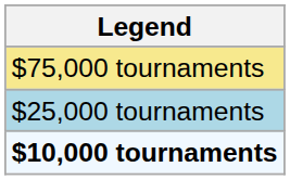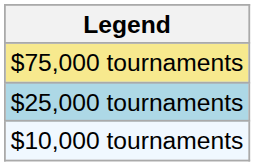 <table class=wikitable style="font-size:85%">
 <tr>
 <th>Legend</th>
 </tr>
 <tr style="background:#f7e98e;">
 <td>$75,000 tournaments</td>
 </tr>
 <tr style="background:lightblue;">
 <td>$25,000 tournaments</td>
 </tr>
 <tr style="background:#f0f8ff;">
-<td><strong>$10,000 tournaments</strong></td>
+<td>$10,000 tournaments</td>
 </tr>
 </table>
